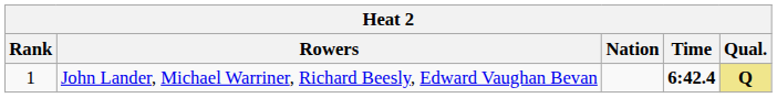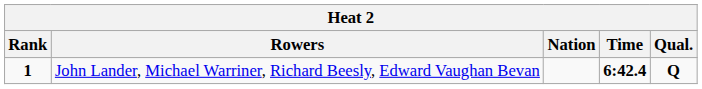 <table class="wikitable" style="text-align:center">
 <tr>
 <th colspan=5 align=center><strong>Heat 2</strong></th>
 </tr>
 <tr>
 <th>Rank</th>
 <th>Rowers</th>
 <th>Nation</th>
 <th>Time</th>
 <th>Qual.</th>
 </tr>
 <tr>
-<td>1</td>
+<td><strong>1</strong></td>
 <td align=left><a href='#'>John Lander</a>, <a href='#'>Michael Warriner</a>, <a href='#'>Richard Beesly</a>, <a href='#'>Edward Vaughan Bevan</a></td>
 <td align=left></td>
 <td><strong>6:42.4</strong></td>
-<td style="background: khaki;"><strong>Q</strong></td>
+<td><strong>Q</strong></td>
 </tr>
 </table>
